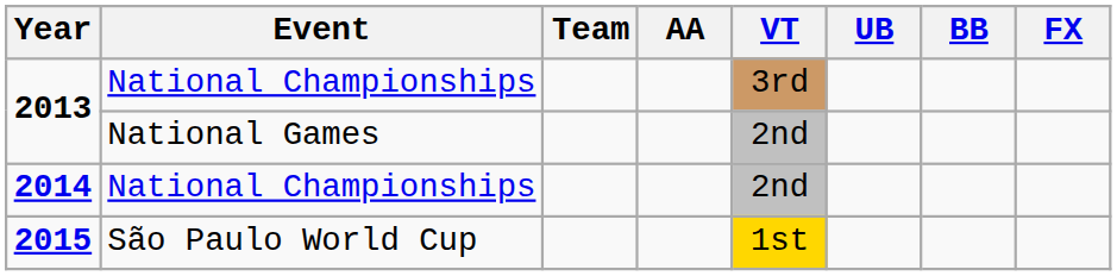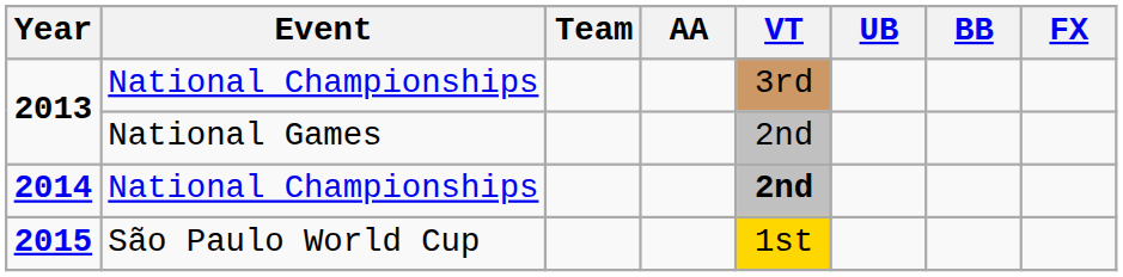 <table class="wikitable" style="text-align:center; font-size: 95%;">
 <tr>
 <th>Year</th>
 <th>Event</th>
 <th style="width:30px;">Team</th>
 <th style="width:30px;">AA</th>
 <th style="width:30px;"><a href='#'>VT</a></th>
 <th style="width:30px;"><a href='#'>UB</a></th>
 <th style="width:30px;"><a href='#'>BB</a></th>
 <th style="width:30px;"><a href='#'>FX</a></th>
 </tr>
 <tr>
 <td rowspan="2"><strong>2013</strong></td>
 <td align=left><a href='#'>National Championships</a></td>
 <td></td>
 <td></td>
 <td style="background:#c96;">3rd</td>
 <td></td>
 <td></td>
 <td></td>
 </tr>
 <tr>
 <td align=left>National Games</td>
 <td></td>
 <td></td>
 <td style="background:silver;">2nd</td>
 <td></td>
 <td></td>
 <td></td>
 </tr>
 <tr>
 <td rowspan="1"><strong><a href='#'>2014</a></strong></td>
 <td align=left><a href='#'>National Championships</a></td>
 <td></td>
 <td></td>
-<td style="background:silver;">2nd</td>
+<td style="background:silver;"><strong>2nd</strong></td>
 <td></td>
 <td></td>
 <td></td>
 </tr>
 <tr>
 <td rowspan="1"><strong><a href='#'>2015</a></strong></td>
 <td align=left>São Paulo World Cup</td>
 <td></td>
 <td></td>
 <td style="background: gold">1st</td>
 <td></td>
 <td></td>
 <td></td>
 </tr>
 </table>
